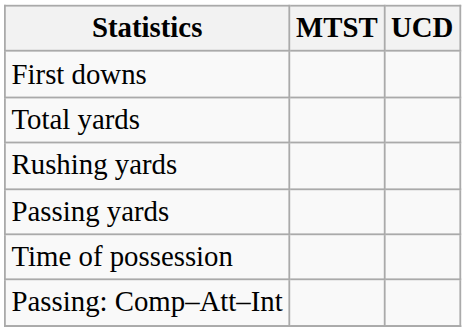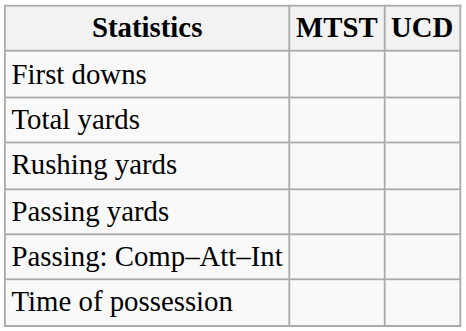 <table class="wikitable" style="float: left;">
 <tr>
 <th>Statistics</th>
 <th>MTST</th>
 <th>UCD</th>
 </tr>
 <tr>
 <td>First downs</td>
 <td></td>
 <td></td>
 </tr>
 <tr>
 <td>Total yards</td>
 <td></td>
 <td></td>
 </tr>
 <tr>
 <td>Rushing yards</td>
 <td></td>
 <td></td>
 </tr>
 <tr>
 <td>Passing yards</td>
 <td></td>
 <td></td>
 </tr>
 <tr>
-<td>Time of possession</td>
+<td>Passing: Comp–Att–Int</td>
 <td></td>
 <td></td>
 </tr>
 <tr>
-<td>Passing: Comp–Att–Int</td>
+<td>Time of possession</td>
 <td></td>
 <td></td>
 </tr>
 <tr>
 </tr>
 </table>
